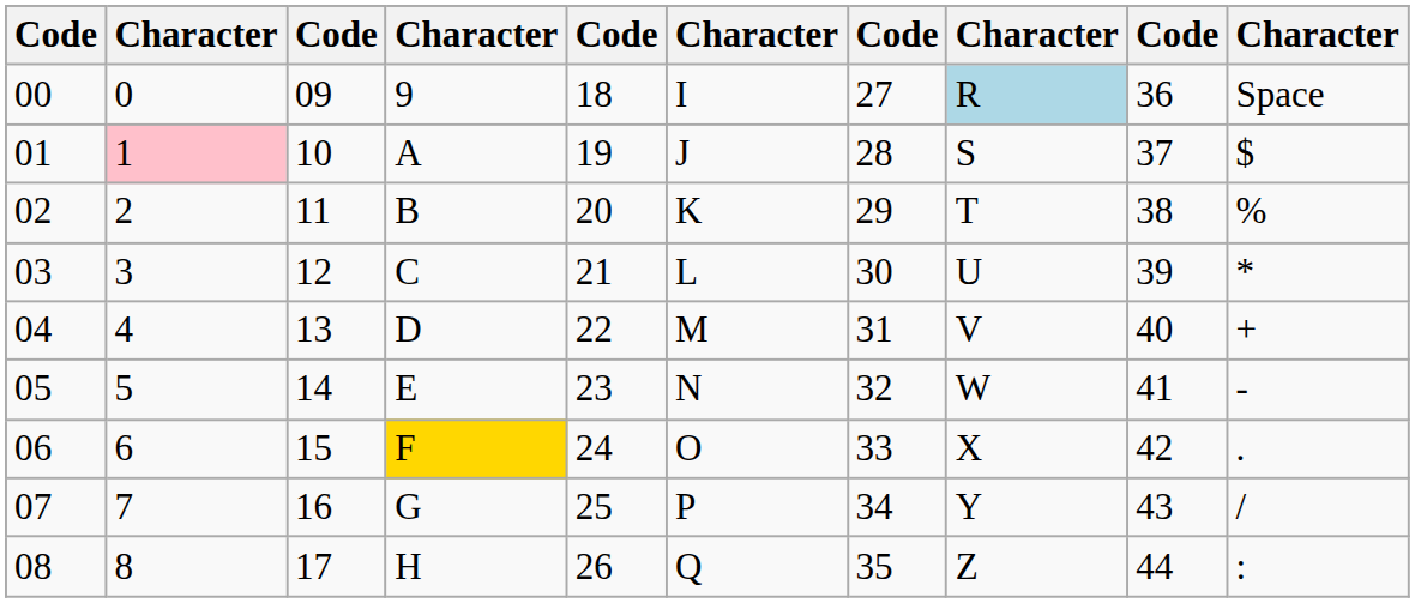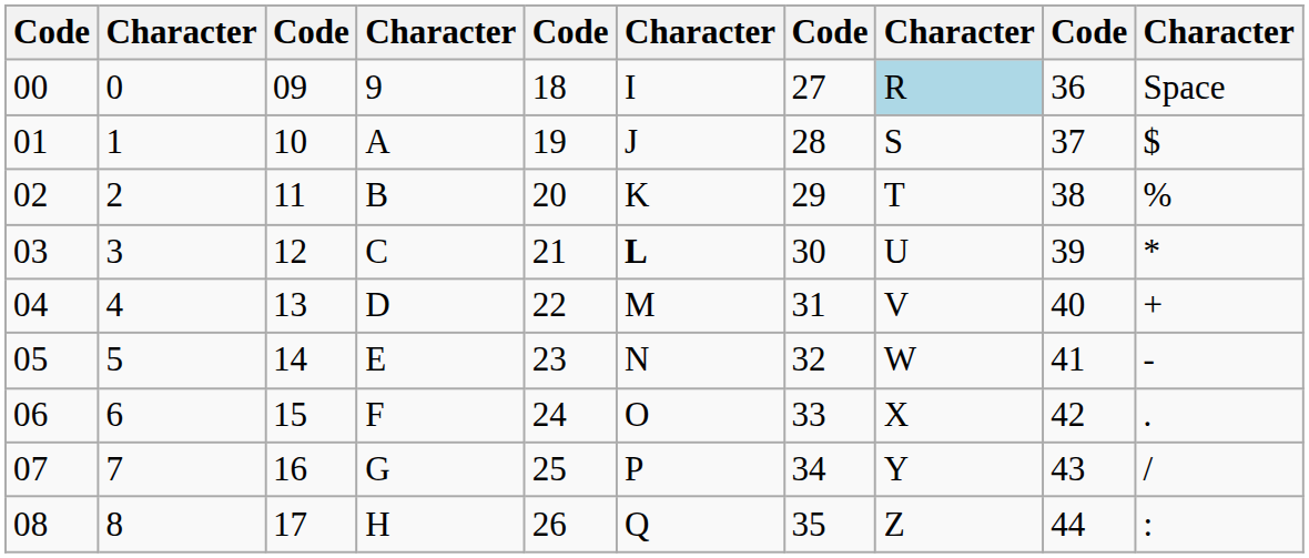 <table class="wikitable">
 <tr>
 <th>Code</th>
 <th>Character</th>
 <th>Code</th>
 <th>Character</th>
 <th>Code</th>
 <th>Character</th>
 <th>Code</th>
 <th>Character</th>
 <th>Code</th>
 <th>Character</th>
 </tr>
 <tr>
 <td>00</td>
 <td>0</td>
 <td>09</td>
 <td>9</td>
 <td>18</td>
 <td>I</td>
 <td>27</td>
 <td style="background: lightblue;">R</td>
 <td>36</td>
 <td>Space</td>
 </tr>
 <tr>
 <td>01</td>
-<td style="background: pink;">1</td>
+<td>1</td>
 <td>10</td>
 <td>A</td>
 <td>19</td>
 <td>J</td>
 <td>28</td>
 <td>S</td>
 <td>37</td>
 <td>$</td>
 </tr>
 <tr>
 <td>02</td>
 <td>2</td>
 <td>11</td>
 <td>B</td>
 <td>20</td>
 <td>K</td>
 <td>29</td>
 <td>T</td>
 <td>38</td>
 <td>%</td>
 </tr>
 <tr>
 <td>03</td>
 <td>3</td>
 <td>12</td>
 <td>C</td>
 <td>21</td>
-<td>L</td>
+<td><strong>L</strong></td>
 <td>30</td>
 <td>U</td>
 <td>39</td>
 <td>*</td>
 </tr>
 <tr>
 <td>04</td>
 <td>4</td>
 <td>13</td>
 <td>D</td>
 <td>22</td>
 <td>M</td>
 <td>31</td>
 <td>V</td>
 <td>40</td>
 <td>+</td>
 </tr>
 <tr>
 <td>05</td>
 <td>5</td>
 <td>14</td>
 <td>E</td>
 <td>23</td>
 <td>N</td>
 <td>32</td>
 <td>W</td>
 <td>41</td>
 <td>-</td>
 </tr>
 <tr>
 <td>06</td>
 <td>6</td>
 <td>15</td>
-<td style="background: gold;">F</td>
+<td>F</td>
 <td>24</td>
 <td>O</td>
 <td>33</td>
 <td>X</td>
 <td>42</td>
 <td>.</td>
 </tr>
 <tr>
 <td>07</td>
 <td>7</td>
 <td>16</td>
 <td>G</td>
 <td>25</td>
 <td>P</td>
 <td>34</td>
 <td>Y</td>
 <td>43</td>
 <td>/</td>
 </tr>
 <tr>
 <td>08</td>
 <td>8</td>
 <td>17</td>
 <td>H</td>
 <td>26</td>
 <td>Q</td>
 <td>35</td>
 <td>Z</td>
 <td>44</td>
 <td>:</td>
 </tr>
 </table>
